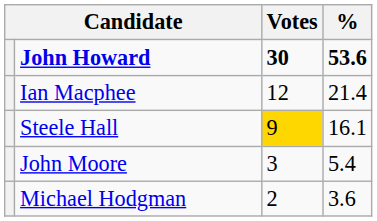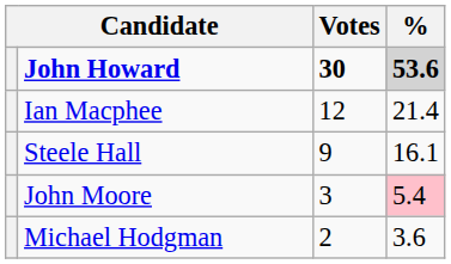 <table class="wikitable">
 <tr style="background:#e9e9e9;">
 <th colspan="2" style="width: 170px">Candidate</th>
 <th>Votes</th>
 <th>%</th>
 </tr>
 <tr>
 <th></th>
 <td style="width: 170px"><strong><a href='#'>John Howard</a></strong></td>
 <td><strong>30</strong></td>
-<td><strong>53.6</strong></td>
+<td style="background: lightgrey;"><strong>53.6</strong></td>
 </tr>
 <tr>
 <th></th>
 <td style="width: 170px"><a href='#'>Ian Macphee</a></td>
 <td>12</td>
 <td>21.4</td>
 </tr>
 <tr>
 <th></th>
 <td style="width: 170px"><a href='#'>Steele Hall</a></td>
-<td style="background: gold;">9</td>
+<td>9</td>
 <td>16.1</td>
 </tr>
 <tr>
 <th></th>
 <td style="width: 170px"><a href='#'>John Moore</a></td>
 <td>3</td>
-<td>5.4</td>
+<td style="background: pink;">5.4</td>
 </tr>
 <tr>
 <th></th>
 <td style="width: 170px"><a href='#'>Michael Hodgman</a></td>
 <td>2</td>
 <td>3.6</td>
 </tr>
 </table>
